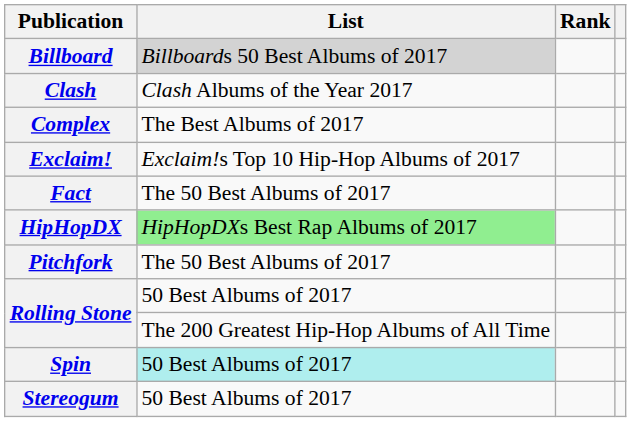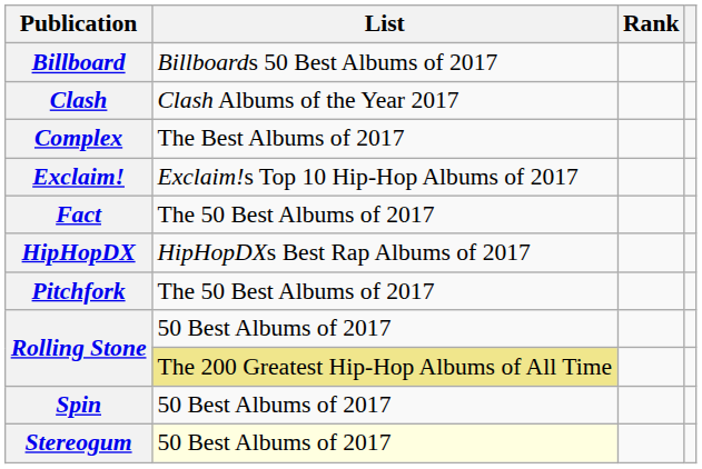 <table class="wikitable sortable plainrowheaders" style="border:none; margin:0;">
 <tr>
 <th scope="col">Publication</th>
 <th scope="col" class="unsortable">List</th>
 <th scope="col" data-sort-type="number">Rank</th>
 <th scope="col" class="unsortable"></th>
 </tr>
 <tr>
 <th scope="row"><em><a href='#'>Billboard</a></em></th>
-<td style="background: lightgrey;"><em>Billboard</em>s 50 Best Albums of 2017</td>
+<td><em>Billboard</em>s 50 Best Albums of 2017</td>
 <td></td>
 <td></td>
 </tr>
 <tr>
 <th scope="row"><em><a href='#'>Clash</a></em></th>
 <td><em>Clash</em> Albums of the Year 2017</td>
 <td></td>
 <td></td>
 </tr>
 <tr>
 <th scope="row"><em><a href='#'>Complex</a></em></th>
 <td>The Best Albums of 2017</td>
 <td></td>
 <td></td>
 </tr>
 <tr>
 <th scope="row"><em><a href='#'>Exclaim!</a></em></th>
 <td><em>Exclaim!</em>s Top 10 Hip-Hop Albums of 2017</td>
 <td></td>
 <td></td>
 </tr>
 <tr>
 <th scope="row"><em><a href='#'>Fact</a></em></th>
 <td>The 50 Best Albums of 2017</td>
 <td></td>
 <td></td>
 </tr>
 <tr>
 <th scope="row"><em><a href='#'>HipHopDX</a></em></th>
-<td style="background: lightgreen;"><em>HipHopDX</em>s Best Rap Albums of 2017</td>
+<td><em>HipHopDX</em>s Best Rap Albums of 2017</td>
 <td></td>
 <td></td>
 </tr>
 <tr>
 <th scope="row"><em><a href='#'>Pitchfork</a></em></th>
 <td>The 50 Best Albums of 2017</td>
 <td></td>
 <td></td>
 </tr>
 <tr>
 <th scope="row" rowspan="2"><em><a href='#'>Rolling Stone</a></em></th>
 <td>50 Best Albums of 2017</td>
 <td></td>
 <td></td>
 </tr>
 <tr>
-<td>The 200 Greatest Hip-Hop Albums of All Time</td>
+<td style="background: khaki;">The 200 Greatest Hip-Hop Albums of All Time</td>
 <td></td>
 <td></td>
 </tr>
 <tr>
 <th scope="row"><em><a href='#'>Spin</a></em></th>
-<td style="background: paleturquoise;">50 Best Albums of 2017</td>
+<td>50 Best Albums of 2017</td>
 <td></td>
 <td></td>
 </tr>
 <tr>
 <th scope="row"><em><a href='#'>Stereogum</a></em></th>
-<td>50 Best Albums of 2017</td>
+<td style="background: lightyellow;">50 Best Albums of 2017</td>
 <td></td>
 <td></td>
 </tr>
 </table>
